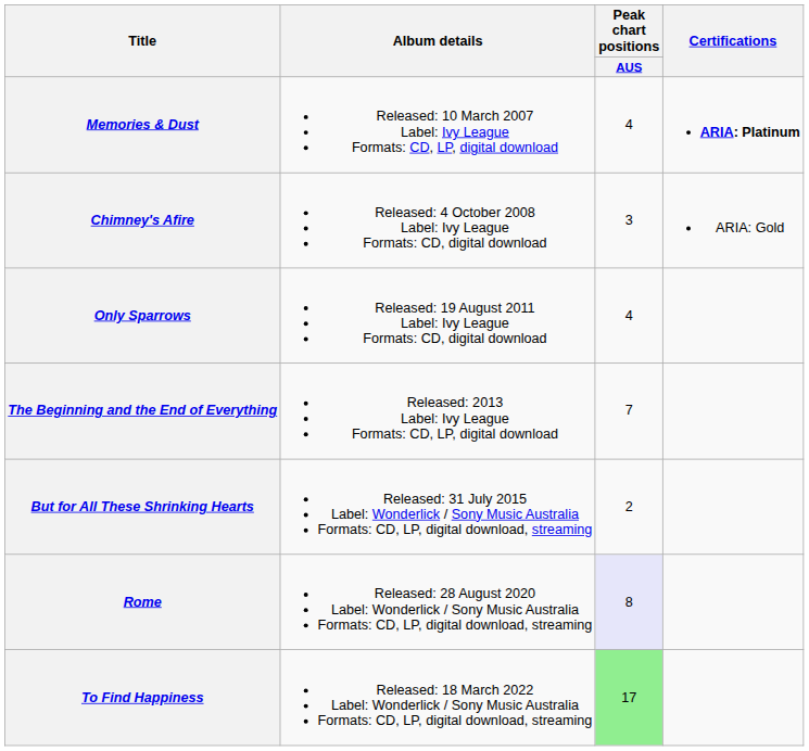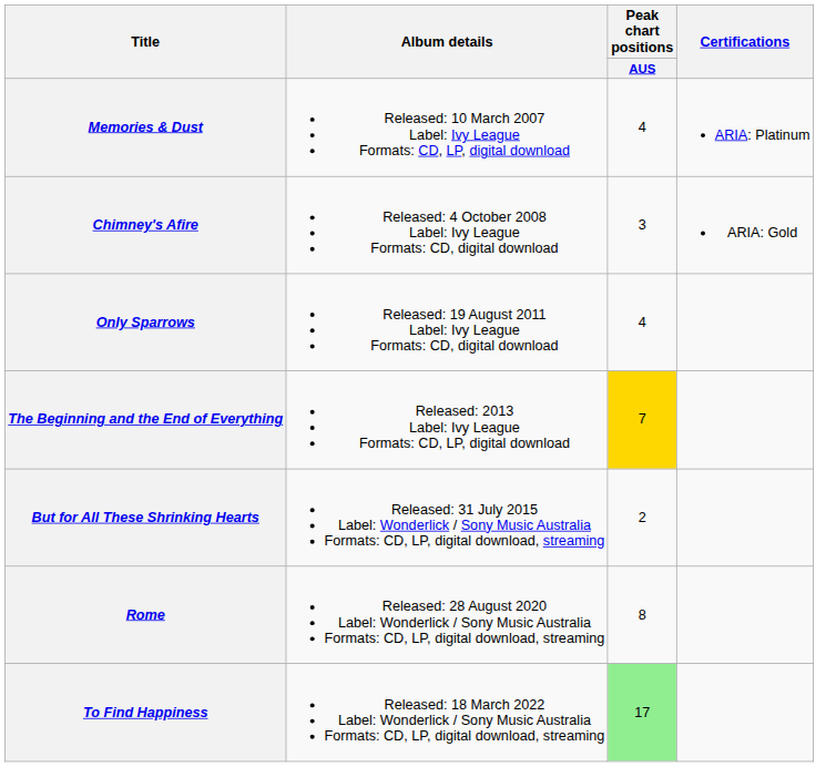 <table class="wikitable plainrowheaders" style="text-align:center;">
 <tr>
 <th scope="col" rowspan="2">Title</th>
 <th scope="col" rowspan="2">Album details</th>
 <th scope="col" colspan="1">Peak chart positions</th>
 <th scope="col" rowspan="2"><a href='#'>Certifications</a></th>
 </tr>
 <tr>
 <th scope="col" style="width:3em;font-size:90%;"><a href='#'>AUS</a><br></th>
 </tr>
 <tr>
 <th scope="row"><em><a href='#'>Memories & Dust</a></em></th>
 <td><br><ul><li>Released: 10 March 2007</li><li>Label: <a href='#'>Ivy League</a></li><li>Formats: <a href='#'>CD</a>, <a href='#'>LP</a>, <a href='#'>digital download</a></li></ul></td>
 <td>4</td>
-<td><strong><br><ul><li><a href='#'>ARIA</a>: Platinum</li></ul></strong></td>
+<td><br><ul><li><a href='#'>ARIA</a>: Platinum</li></ul></td>
 </tr>
 <tr>
 <th scope="row"><em><a href='#'>Chimney's Afire</a></em></th>
 <td><br><ul><li>Released: 4 October 2008</li><li>Label: Ivy League</li><li>Formats: CD, digital download</li></ul></td>
 <td>3</td>
 <td><br><ul><li>ARIA: Gold</li></ul></td>
 </tr>
 <tr>
 <th scope="row"><em><a href='#'>Only Sparrows</a></em></th>
 <td><br><ul><li>Released: 19 August 2011</li><li>Label: Ivy League</li><li>Formats: CD, digital download</li></ul></td>
 <td>4</td>
 <td></td>
 </tr>
 <tr>
 <th scope="row"><em><a href='#'>The Beginning and the End of Everything</a></em></th>
 <td><br><ul><li>Released: 2013</li><li>Label: Ivy League</li><li>Formats: CD, LP, digital download</li></ul></td>
-<td>7</td>
+<td style="background: gold;">7</td>
 <td></td>
 </tr>
 <tr>
 <th scope="row"><em><a href='#'>But for All These Shrinking Hearts</a></em></th>
 <td><br><ul><li>Released: 31 July 2015</li><li>Label: <a href='#'>Wonderlick</a> / <a href='#'>Sony Music Australia</a></li><li>Formats: CD, LP, digital download, <a href='#'>streaming</a></li></ul></td>
 <td>2</td>
 <td></td>
 </tr>
 <tr>
 <th scope="row"><em><a href='#'>Rome</a></em></th>
 <td><br><ul><li>Released: 28 August 2020</li><li>Label: Wonderlick / Sony Music Australia</li><li>Formats: CD, LP, digital download, streaming</li></ul></td>
-<td style="background: lavender;">8</td>
+<td>8</td>
 <td></td>
 </tr>
 <tr>
 <th scope="row"><em><a href='#'>To Find Happiness</a></em></th>
 <td><br><ul><li>Released: 18 March 2022</li><li>Label: Wonderlick / Sony Music Australia</li><li>Formats: CD, LP, digital download, streaming</li></ul></td>
 <td style="background: lightgreen;">17<br></td>
 <td></td>
 </tr>
 </table>
